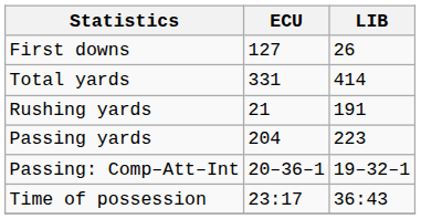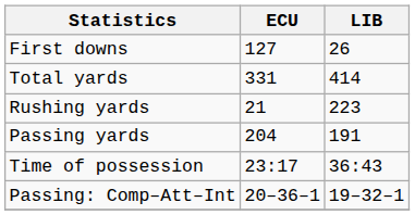 <table class="wikitable" style="float: left;">
 <tr>
 <th>Statistics</th>
 <th>ECU</th>
 <th>LIB</th>
 </tr>
 <tr>
 <td>First downs</td>
 <td>127</td>
 <td>26</td>
 </tr>
 <tr>
 <td>Total yards</td>
 <td>331</td>
 <td>414</td>
 </tr>
 <tr>
 <td>Rushing yards</td>
 <td>21</td>
-<td>191</td>
+<td>223</td>
 </tr>
 <tr>
 <td>Passing yards</td>
 <td>204</td>
-<td>223</td>
+<td>191</td>
+</tr>
+<tr>
+<td>Time of possession</td>
+<td>23:17</td>
+<td>36:43</td>
 </tr>
 <tr>
 <td>Passing: Comp–Att–Int</td>
 <td>20–36–1</td>
 <td>19–32–1</td>
 </tr>
 <tr>
-<td>Time of possession</td>
-<td>23:17</td>
-<td>36:43</td>
-</tr>
-<tr>
 </tr>
 </table>
